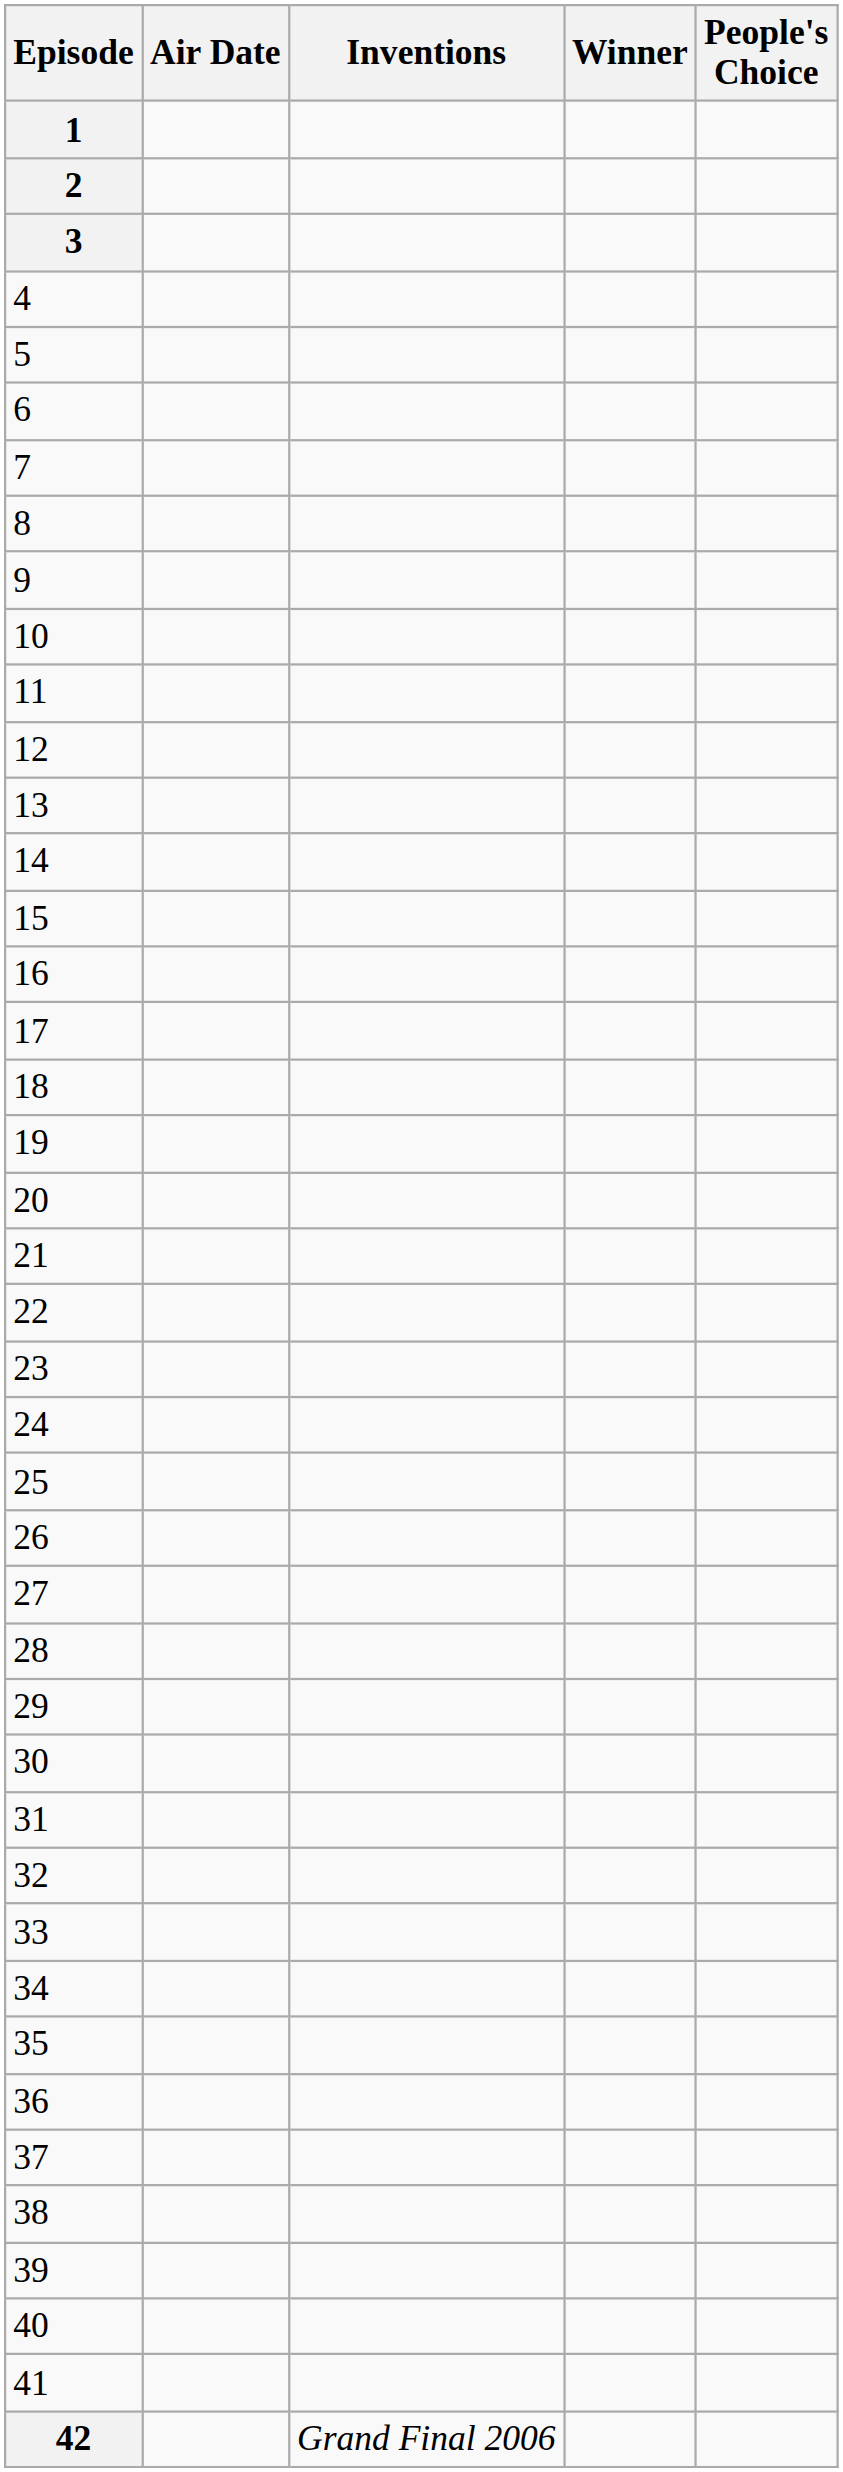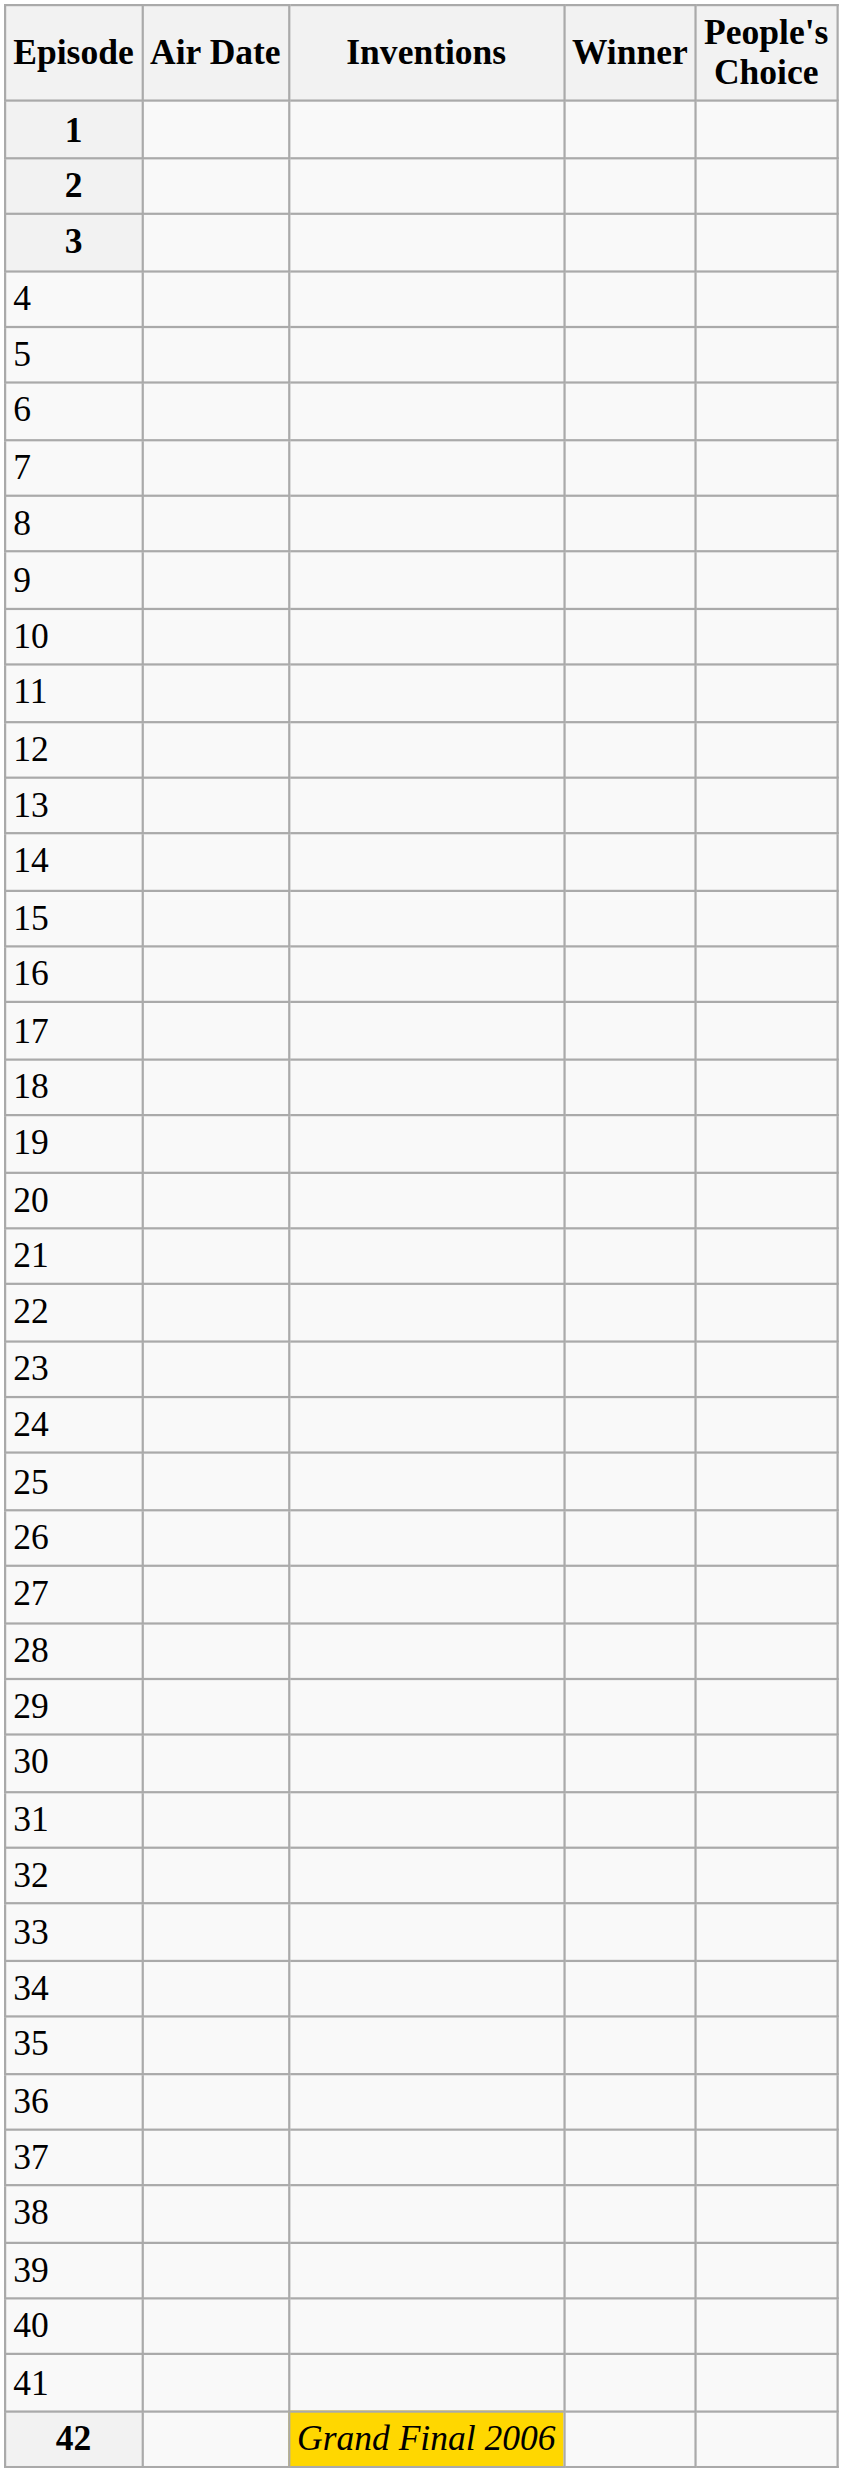 <table class="wikitable">
 <tr>
 <th>Episode</th>
 <th>Air Date</th>
 <th>Inventions</th>
 <th>Winner</th>
 <th>People's<br>Choice</th>
 </tr>
 <tr>
 <th scope=row rowspan=1>1</th>
 <td rowspan=1></td>
 <td></td>
 <td></td>
 <td></td>
 </tr>
 <tr>
 <th scope=row rowspan=1>2</th>
 <td rowspan=1></td>
 <td></td>
 <td></td>
 <td></td>
 </tr>
 <tr>
 <th scope=row rowspan=1>3</th>
 <td rowspan=1></td>
 <td></td>
 <td></td>
 <td></td>
 </tr>
 <tr>
 <td>4</td>
 <td></td>
 <td></td>
 <td></td>
 <td></td>
 </tr>
 <tr>
 <td>5</td>
 <td></td>
 <td></td>
 <td></td>
 <td></td>
 </tr>
 <tr>
 <td>6</td>
 <td></td>
 <td></td>
 <td></td>
 <td></td>
 </tr>
 <tr>
 <td>7</td>
 <td></td>
 <td></td>
 <td></td>
 <td></td>
 </tr>
 <tr>
 <td>8</td>
 <td></td>
 <td></td>
 <td></td>
 <td></td>
 </tr>
 <tr>
 <td>9</td>
 <td></td>
 <td></td>
 <td></td>
 <td></td>
 </tr>
 <tr>
 <td>10</td>
 <td></td>
 <td></td>
 <td></td>
 <td></td>
 </tr>
 <tr>
 <td>11</td>
 <td></td>
 <td></td>
 <td></td>
 <td></td>
 </tr>
 <tr>
 <td>12</td>
 <td></td>
 <td></td>
 <td></td>
 <td></td>
 </tr>
 <tr>
 <td>13</td>
 <td></td>
 <td></td>
 <td></td>
 <td></td>
 </tr>
 <tr>
 <td>14</td>
 <td></td>
 <td></td>
 <td></td>
 <td></td>
 </tr>
 <tr>
 <td>15</td>
 <td></td>
 <td></td>
 <td></td>
 <td></td>
 </tr>
 <tr>
 <td>16</td>
 <td></td>
 <td></td>
 <td></td>
 <td></td>
 </tr>
 <tr>
 <td>17</td>
 <td></td>
 <td></td>
 <td></td>
 <td></td>
 </tr>
 <tr>
 <td>18</td>
 <td></td>
 <td></td>
 <td></td>
 <td></td>
 </tr>
 <tr>
 <td>19</td>
 <td></td>
 <td></td>
 <td></td>
 <td></td>
 </tr>
 <tr>
 <td>20</td>
 <td></td>
 <td></td>
 <td></td>
 <td></td>
 </tr>
 <tr>
 <td>21</td>
 <td></td>
 <td></td>
 <td></td>
 <td></td>
 </tr>
 <tr>
 <td>22</td>
 <td></td>
 <td></td>
 <td></td>
 <td></td>
 </tr>
 <tr>
 <td>23</td>
 <td></td>
 <td></td>
 <td></td>
 <td></td>
 </tr>
 <tr>
 <td>24</td>
 <td></td>
 <td></td>
 <td></td>
 <td></td>
 </tr>
 <tr>
 <td>25</td>
 <td></td>
 <td></td>
 <td></td>
 <td></td>
 </tr>
 <tr>
 <td>26</td>
 <td></td>
 <td></td>
 <td></td>
 <td></td>
 </tr>
 <tr>
 <td>27</td>
 <td></td>
 <td></td>
 <td></td>
 <td></td>
 </tr>
 <tr>
 <td>28</td>
 <td></td>
 <td></td>
 <td></td>
 <td></td>
 </tr>
 <tr>
 <td>29</td>
 <td></td>
 <td></td>
 <td></td>
 <td></td>
 </tr>
 <tr>
 <td>30</td>
 <td></td>
 <td></td>
 <td></td>
 <td></td>
 </tr>
 <tr>
 <td>31</td>
 <td></td>
 <td></td>
 <td></td>
 <td></td>
 </tr>
 <tr>
 <td>32</td>
 <td></td>
 <td></td>
 <td></td>
 <td></td>
 </tr>
 <tr>
 <td>33</td>
 <td></td>
 <td></td>
 <td></td>
 <td></td>
 </tr>
 <tr>
 <td>34</td>
 <td></td>
 <td></td>
 <td></td>
 <td></td>
 </tr>
 <tr>
 <td>35</td>
 <td></td>
 <td></td>
 <td></td>
 <td></td>
 </tr>
 <tr>
 <td>36</td>
 <td></td>
 <td></td>
 <td></td>
 <td></td>
 </tr>
 <tr>
 <td>37</td>
 <td></td>
 <td></td>
 <td></td>
 <td></td>
 </tr>
 <tr>
 <td>38</td>
 <td></td>
 <td></td>
 <td></td>
 <td></td>
 </tr>
 <tr>
 <td>39</td>
 <td></td>
 <td></td>
 <td></td>
 <td></td>
 </tr>
 <tr>
 <td>40</td>
 <td></td>
 <td></td>
 <td></td>
 <td></td>
 </tr>
 <tr>
 <td>41</td>
 <td></td>
 <td></td>
 <td></td>
 <td></td>
 </tr>
 <tr>
 <th scope=row rowspan=1>42</th>
 <td rowspan=1></td>
-<td><em>Grand Final 2006</em></td>
+<td style="background: gold;"><em>Grand Final 2006</em></td>
 <td></td>
 <td></td>
 </tr>
 </table>
